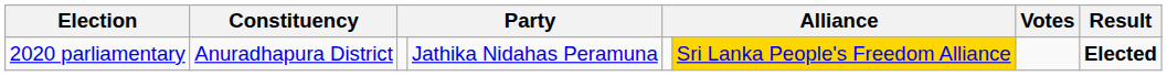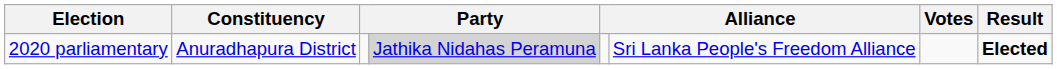 <table class="wikitable" style="text-align:left;">
 <tr>
 <th scope=col>Election</th>
 <th scope=col>Constituency</th>
 <th scope=col colspan="2">Party</th>
 <th scope=col colspan="2">Alliance</th>
 <th scope=col>Votes</th>
 <th scope=col>Result</th>
 </tr>
 <tr>
 <td><a href='#'>2020 parliamentary</a></td>
 <td><a href='#'>Anuradhapura District</a></td>
 <td style="background:"></td>
-<td><a href='#'>Jathika Nidahas Peramuna</a></td>
+<td style="background: lightgrey;"><a href='#'>Jathika Nidahas Peramuna</a></td>
 <td style="background:"></td>
-<td style="background: gold;"><a href='#'>Sri Lanka People's Freedom Alliance</a></td>
+<td><a href='#'>Sri Lanka People's Freedom Alliance</a></td>
 <td align=right></td>
 <td><strong>Elected</strong></td>
 </tr>
 </table>
